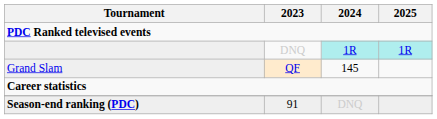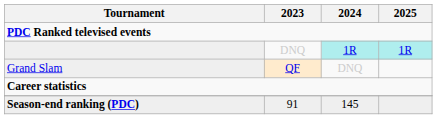 <table class="wikitable" style="width:30%; margin:0">
 <tr>
 <th>Tournament</th>
 <th>2023</th>
 <th>2024</th>
 <th>2025</th>
 </tr>
 <tr>
 <td colspan="22" style="text-align:left"><strong><a href='#'>PDC</a> Ranked televised events</strong></td>
 </tr>
 <tr>
 <td style="background:#efefef;"></td>
 <td style="text-align:center; color:#ccc;">DNQ</td>
 <td style="text-align:center; background:#afeeee;"><a href='#'>1R</a></td>
 <td style="text-align:center; background:#afeeee;"><a href='#'>1R</a></td>
 </tr>
 <tr>
 <td style="background:#efefef;"><a href='#'>Grand Slam</a></td>
 <td style="text-align:center; background:#ffebcd;"><a href='#'>QF</a></td>
-<td style="text-align:center;">145</td>
+<td style="text-align:center; color:#ccc;">DNQ</td>
 <td></td>
 </tr>
 <tr>
 <td colspan="22" style="text-align:left"><strong>Career statistics</strong></td>
 </tr>
 <tr>
 </tr>
 <tr style="background:#efefef">
 <td style="text-align:left"><strong>Season-end ranking (<a href='#'>PDC</a>)</strong></td>
 <td style="text-align:center;">91</td>
-<td style="text-align:center; color:#ccc;">DNQ</td>
+<td style="text-align:center;">145</td>
 <td></td>
 </tr>
 </table>
